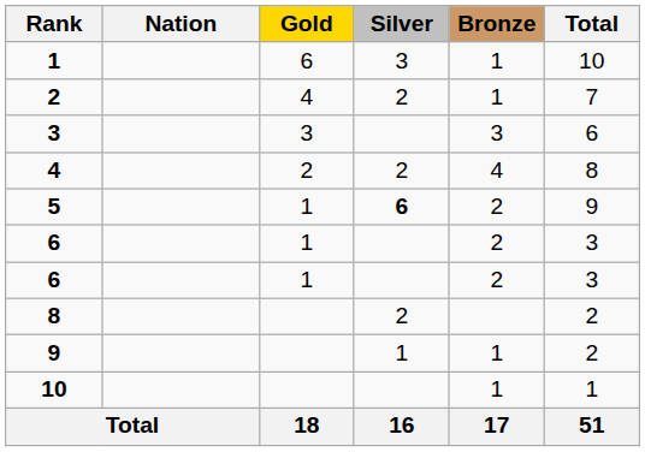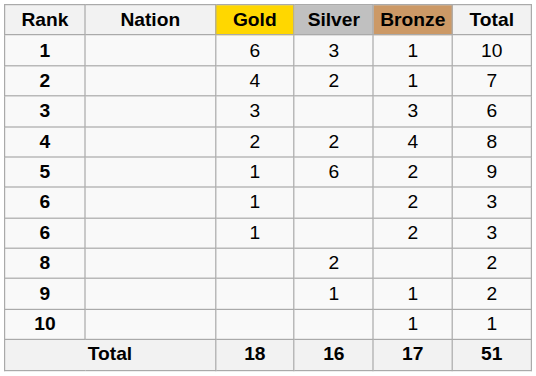 <table class="wikitable collapsible autocollapse plainrowheaders" width=70.5% style="text-align:center;">
 <tr style="background-color:#EDEDED;">
 <th width=100px class="hintergrundfarbe5">Rank</th>
 <th width=200px class="hintergrundfarbe6">Nation</th>
 <th style="background:    gold; width:15%">Gold</th>
 <th style="background:  silver; width:15%">Silver</th>
 <th style="background: #CC9966; width:15%">Bronze</th>
 <th class="hintergrundfarbe6" style="width:15%">Total</th>
 </tr>
 <tr>
 <td><strong>1</strong></td>
 <td align=left></td>
 <td>6</td>
 <td>3</td>
 <td>1</td>
 <td>10</td>
 </tr>
 <tr>
 <td><strong>2</strong></td>
 <td align=left></td>
 <td>4</td>
 <td>2</td>
 <td>1</td>
 <td>7</td>
 </tr>
 <tr>
 <td><strong>3</strong></td>
 <td align=left></td>
 <td>3</td>
 <td></td>
 <td>3</td>
 <td>6</td>
 </tr>
 <tr>
 <td><strong>4</strong></td>
 <td align=left></td>
 <td>2</td>
 <td>2</td>
 <td>4</td>
 <td>8</td>
 </tr>
 <tr>
 <td><strong>5</strong></td>
 <td align=left></td>
 <td>1</td>
-<td><strong>6</strong></td>
+<td>6</td>
 <td>2</td>
 <td>9</td>
 </tr>
 <tr>
 <td><strong>6</strong></td>
 <td align=left></td>
 <td>1</td>
 <td></td>
 <td>2</td>
 <td>3</td>
 </tr>
 <tr>
 <td><strong>6</strong></td>
 <td align=left></td>
 <td>1</td>
 <td></td>
 <td>2</td>
 <td>3</td>
 </tr>
 <tr>
 <td><strong>8</strong></td>
 <td align=left></td>
 <td></td>
 <td>2</td>
 <td></td>
 <td>2</td>
 </tr>
 <tr>
 <td><strong>9</strong></td>
 <td align=left></td>
 <td></td>
 <td>1</td>
 <td>1</td>
 <td>2</td>
 </tr>
 <tr>
 <td><strong>10</strong></td>
 <td align=left></td>
 <td></td>
 <td></td>
 <td>1</td>
 <td>1</td>
 </tr>
 <tr>
 <th colspan=2>Total</th>
 <th>18</th>
 <th>16</th>
 <th>17</th>
 <th>51</th>
 </tr>
 </table>
